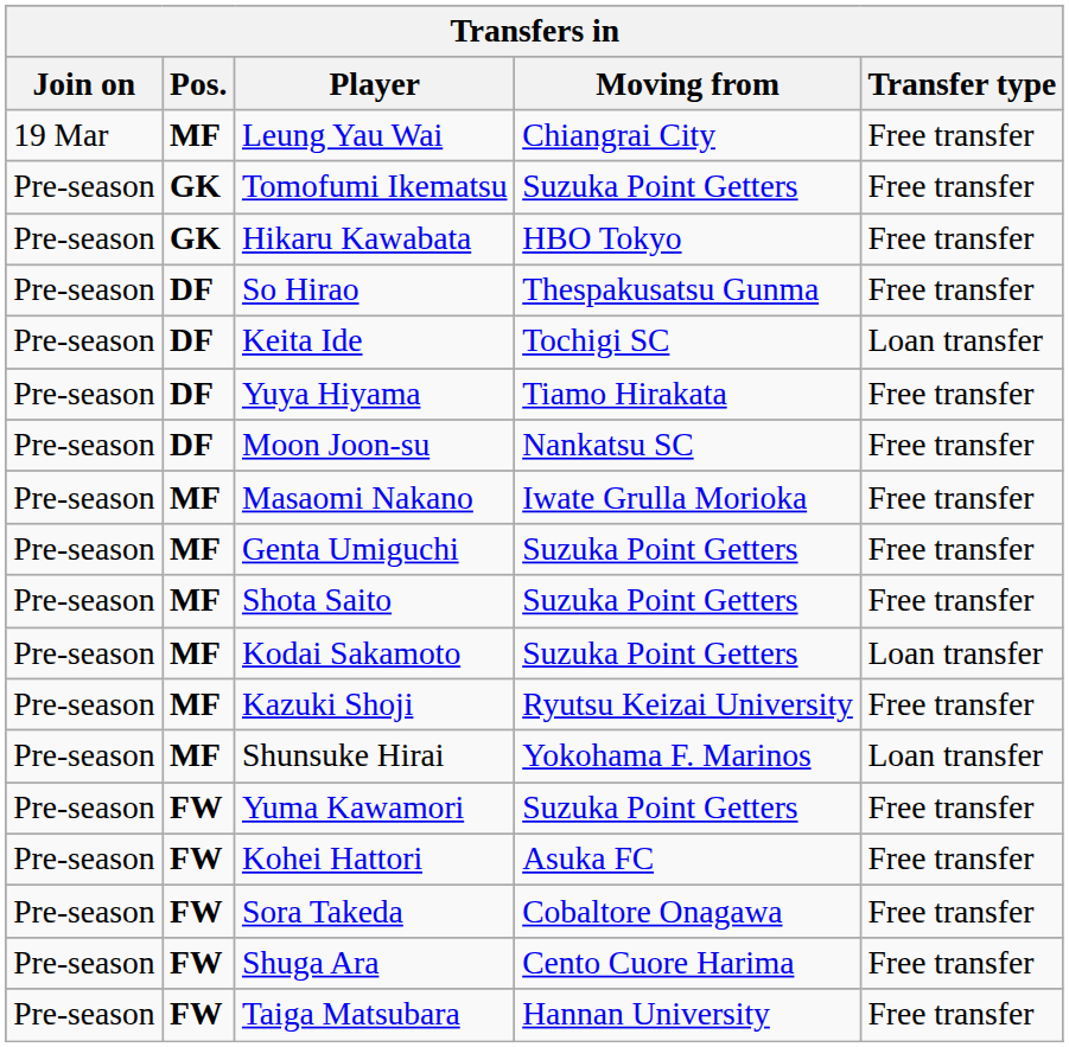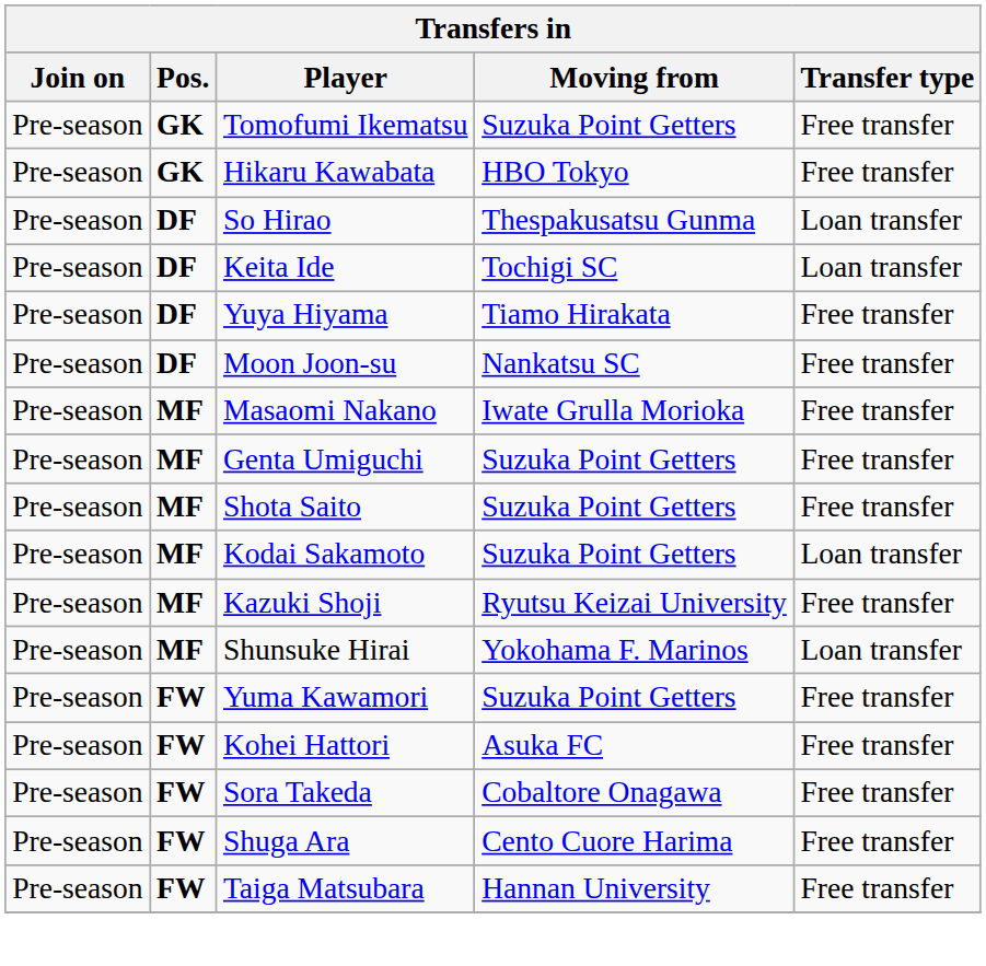 <table class="wikitable sortable" style=“text-align:left;>
 <tr>
 <th colspan="5">Transfers in</th>
 </tr>
 <tr>
 <th>Join on</th>
 <th>Pos.</th>
 <th>Player</th>
 <th>Moving from</th>
 <th>Transfer type</th>
-</tr>
-<tr>
-<td>19 Mar</td>
-<td><strong>MF</strong></td>
-<td> <a href='#'>Leung Yau Wai</a></td>
-<td> <a href='#'>Chiangrai City</a></td>
-<td>Free transfer</td>
 </tr>
 <tr>
 <td>Pre-season</td>
 <td><strong>GK</strong></td>
 <td> <a href='#'>Tomofumi Ikematsu</a></td>
 <td> <a href='#'>Suzuka Point Getters</a></td>
 <td>Free transfer</td>
 </tr>
 <tr>
 <td>Pre-season</td>
 <td><strong>GK</strong></td>
 <td> <a href='#'>Hikaru Kawabata</a></td>
 <td> <a href='#'>HBO Tokyo</a></td>
 <td>Free transfer</td>
 </tr>
 <tr>
 <td>Pre-season</td>
 <td><strong>DF</strong></td>
 <td> <a href='#'>So Hirao</a></td>
 <td> <a href='#'>Thespakusatsu Gunma</a></td>
-<td>Free transfer</td>
+<td>Loan transfer</td>
 </tr>
 <tr>
 <td>Pre-season</td>
 <td><strong>DF</strong></td>
 <td> <a href='#'>Keita Ide</a></td>
 <td> <a href='#'>Tochigi SC</a></td>
 <td>Loan transfer</td>
 </tr>
 <tr>
 <td>Pre-season</td>
 <td><strong>DF</strong></td>
 <td> <a href='#'>Yuya Hiyama</a></td>
 <td> <a href='#'>Tiamo Hirakata</a></td>
 <td>Free transfer</td>
 </tr>
 <tr>
 <td>Pre-season</td>
 <td><strong>DF</strong></td>
 <td> <a href='#'>Moon Joon-su</a></td>
 <td> <a href='#'>Nankatsu SC</a></td>
 <td>Free transfer</td>
 </tr>
 <tr>
 <td>Pre-season</td>
 <td><strong>MF</strong></td>
 <td> <a href='#'>Masaomi Nakano</a></td>
 <td> <a href='#'>Iwate Grulla Morioka</a></td>
 <td>Free transfer</td>
 </tr>
 <tr>
 <td>Pre-season</td>
 <td><strong>MF</strong></td>
 <td> <a href='#'>Genta Umiguchi</a></td>
 <td> <a href='#'>Suzuka Point Getters</a></td>
 <td>Free transfer</td>
 </tr>
 <tr>
 <td>Pre-season</td>
 <td><strong>MF</strong></td>
 <td> <a href='#'>Shota Saito</a></td>
 <td> <a href='#'>Suzuka Point Getters</a></td>
 <td>Free transfer</td>
 </tr>
 <tr>
 <td>Pre-season</td>
 <td><strong>MF</strong></td>
 <td> <a href='#'>Kodai Sakamoto</a></td>
 <td> <a href='#'>Suzuka Point Getters</a></td>
 <td>Loan transfer</td>
 </tr>
 <tr>
 <td>Pre-season</td>
 <td><strong>MF</strong></td>
 <td> <a href='#'>Kazuki Shoji</a></td>
 <td> <a href='#'>Ryutsu Keizai University</a></td>
 <td>Free transfer</td>
 </tr>
 <tr>
 <td>Pre-season</td>
 <td><strong>MF</strong></td>
 <td> Shunsuke Hirai</td>
 <td> <a href='#'>Yokohama F. Marinos</a></td>
 <td>Loan transfer</td>
 </tr>
 <tr>
 <td>Pre-season</td>
 <td><strong>FW</strong></td>
 <td> <a href='#'>Yuma Kawamori</a></td>
 <td> <a href='#'>Suzuka Point Getters</a></td>
 <td>Free transfer</td>
 </tr>
 <tr>
 <td>Pre-season</td>
 <td><strong>FW</strong></td>
 <td> <a href='#'>Kohei Hattori</a></td>
 <td> <a href='#'>Asuka FC</a></td>
 <td>Free transfer</td>
 </tr>
 <tr>
 <td>Pre-season</td>
 <td><strong>FW</strong></td>
 <td> <a href='#'>Sora Takeda</a></td>
 <td> <a href='#'>Cobaltore Onagawa</a></td>
 <td>Free transfer</td>
 </tr>
 <tr>
 <td>Pre-season</td>
 <td><strong>FW</strong></td>
 <td> <a href='#'>Shuga Ara</a></td>
 <td> <a href='#'>Cento Cuore Harima</a></td>
 <td>Free transfer</td>
 </tr>
 <tr>
 <td>Pre-season</td>
 <td><strong>FW</strong></td>
 <td> <a href='#'>Taiga Matsubara</a></td>
 <td> <a href='#'>Hannan University</a></td>
 <td>Free transfer</td>
 </tr>
 <tr>
 </tr>
 </table>
